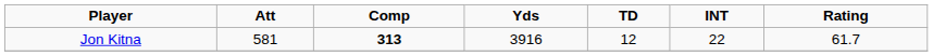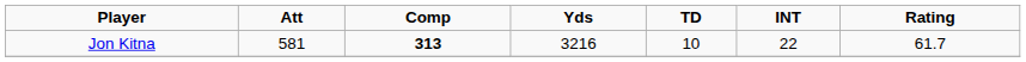 <table class="wikitable" width="80%">
 <tr align="center">
 <td><strong>Player</strong></td>
 <td><strong>Att</strong></td>
 <td><strong>Comp</strong></td>
 <td><strong>Yds</strong></td>
 <td><strong>TD</strong></td>
 <td><strong>INT</strong></td>
 <td><strong>Rating</strong></td>
 </tr>
 <tr align="center" bgcolor="">
 <td><a href='#'>Jon Kitna</a></td>
 <td>581</td>
 <td><strong>313</strong></td>
-<td>3916</td>
-<td>12</td>
+<td>3216</td>
+<td>10</td>
 <td>22</td>
 <td>61.7</td>
 </tr>
 <tr align="center" bgcolor="">
 </tr>
 </table>
